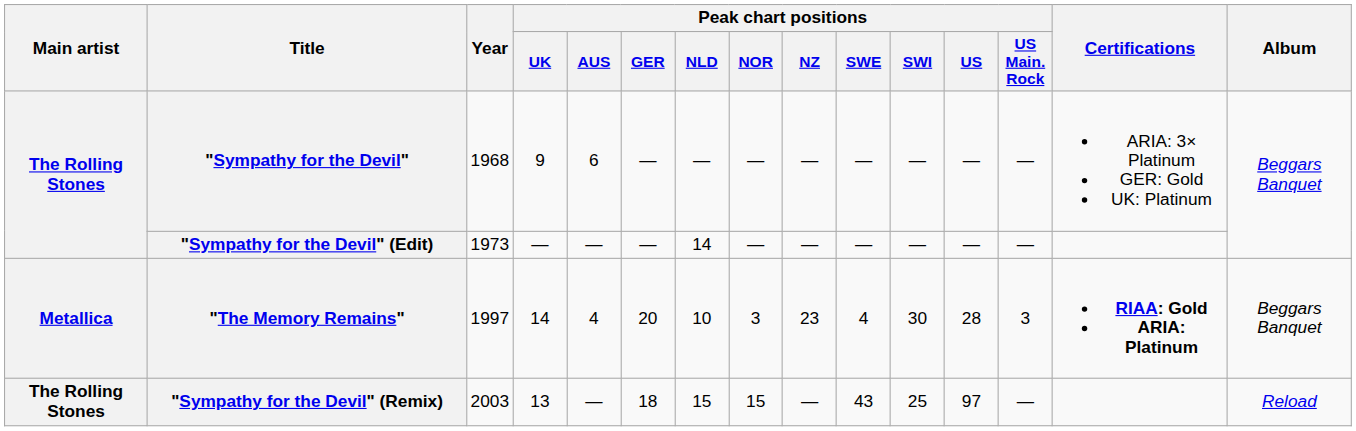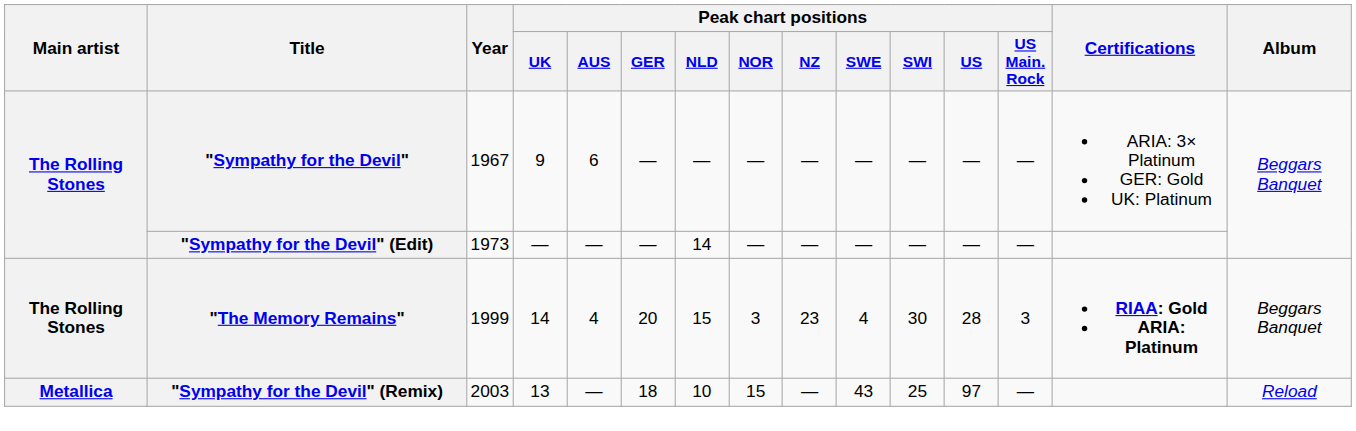 <table class="wikitable plainrowheaders" style="text-align:center;">
 <tr>
 <th rowspan="2">Main artist</th>
 <th rowspan="2" scope="col" style="width:18em;">Title</th>
 <th rowspan="2" scope="col">Year</th>
 <th colspan="10">Peak chart positions</th>
 <th rowspan="2" scope="col"><a href='#'>Certifications</a></th>
 <th rowspan="2">Album</th>
 </tr>
 <tr>
 <th scope="col" style="width:3em;font-size:90%;"><a href='#'>UK</a></th>
 <th scope="col" style="width:3em;font-size:90%;"><a href='#'>AUS</a></th>
 <th scope="col" style="width:3em;font-size:90%;"><a href='#'>GER</a></th>
 <th scope="col" style="width:3em;font-size:90%;"><a href='#'>NLD</a></th>
 <th scope="col" style="width:3em;font-size:90%;"><a href='#'>NOR</a></th>
 <th scope="col" style="width:3em;font-size:90%;"><a href='#'>NZ</a></th>
 <th scope="col" style="width:3em;font-size:90%;"><a href='#'>SWE</a></th>
 <th scope="col" style="width:3em;font-size:90%;"><a href='#'>SWI</a></th>
 <th scope="col" style="width:3em;font-size:90%;"><a href='#'>US</a></th>
 <th scope="col" style="width:3em;font-size:90%;"><a href='#'>US</a><br><a href='#'>Main.</a> <a href='#'>Rock</a></th>
 </tr>
 <tr>
 <th rowspan="2"><a href='#'>The Rolling Stones</a></th>
 <th scope="row">"<a href='#'>Sympathy for the Devil</a>"</th>
-<td>1968</td>
+<td>1967</td>
 <td>9</td>
 <td>6</td>
 <td>—</td>
 <td>—</td>
 <td>—</td>
 <td>—</td>
 <td>—</td>
 <td>—</td>
 <td>—</td>
 <td>—</td>
 <td><br><ul><li>ARIA: 3× Platinum</li><li>GER: Gold</li><li>UK: Platinum</li></ul></td>
 <td rowspan="2"><em><a href='#'>Beggars Banquet</a></em></td>
 </tr>
 <tr>
 <th scope="row">"<a href='#'>Sympathy for the Devil</a>" (Edit)</th>
 <td>1973</td>
 <td>—</td>
 <td>—</td>
 <td>—</td>
 <td>14</td>
 <td>—</td>
 <td>—</td>
 <td>—</td>
 <td>—</td>
 <td>—</td>
 <td>—</td>
 <td></td>
 </tr>
 <tr>
-<th><a href='#'>Metallica</a></th>
+<th>The Rolling Stones</th>
 <th scope="row">"<a href='#'>The Memory Remains</a>"</th>
-<td>1997</td>
+<td>1999</td>
 <td>14</td>
 <td>4</td>
 <td>20</td>
-<td>10</td>
+<td>15</td>
 <td>3</td>
 <td>23</td>
 <td>4</td>
 <td>30</td>
 <td>28</td>
 <td>3</td>
 <td><strong><br><ul><li><a href='#'>RIAA</a>: Gold</li><li>ARIA: Platinum</li></ul></strong></td>
 <td><em>Beggars Banquet</em></td>
 </tr>
 <tr>
-<th>The Rolling Stones</th>
+<th><a href='#'>Metallica</a></th>
 <th scope="row">"<a href='#'>Sympathy for the Devil</a>" (Remix)</th>
 <td>2003</td>
 <td>13</td>
 <td>—</td>
 <td>18</td>
-<td>15</td>
+<td>10</td>
 <td>15</td>
 <td>—</td>
 <td>43</td>
 <td>25</td>
 <td>97</td>
 <td>—</td>
 <td></td>
 <td><em><a href='#'>Reload</a></em></td>
 </tr>
 </table>
